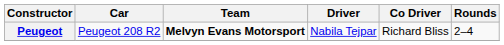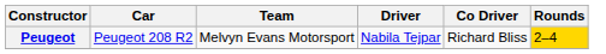 <table class=wikitable style="font-size: 85%">
 <tr>
 <th>Constructor</th>
 <th>Car</th>
 <th>Team</th>
 <th>Driver</th>
 <th>Co Driver</th>
 <th>Rounds</th>
 </tr>
 <tr>
 <th><a href='#'>Peugeot</a></th>
 <td><a href='#'>Peugeot 208 R2</a></td>
-<td><strong> Melvyn Evans Motorsport</strong></td>
+<td> Melvyn Evans Motorsport</td>
 <td> <a href='#'>Nabila Tejpar</a></td>
 <td> Richard Bliss</td>
-<td>2–4</td>
+<td style="background: gold;">2–4</td>
 </tr>
 <tr>
 </tr>
 </table>
